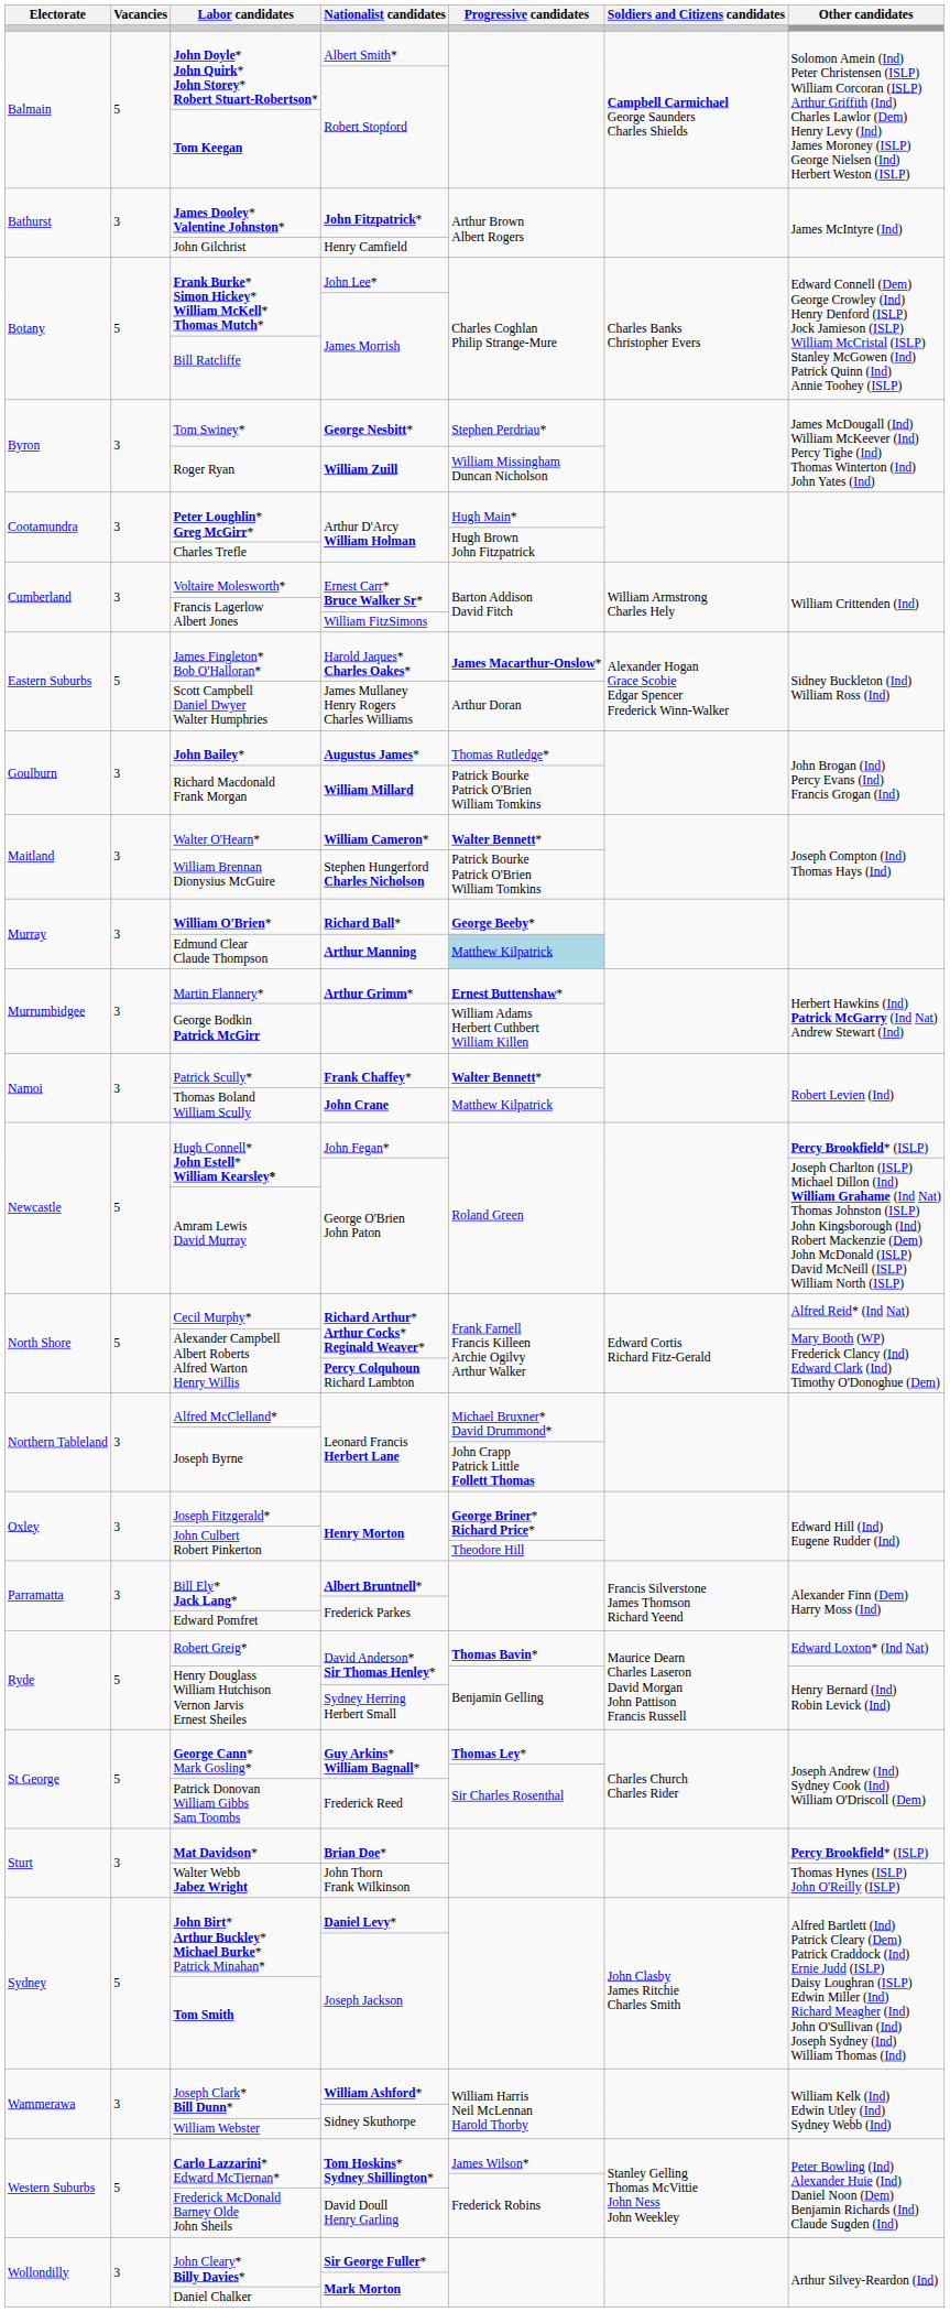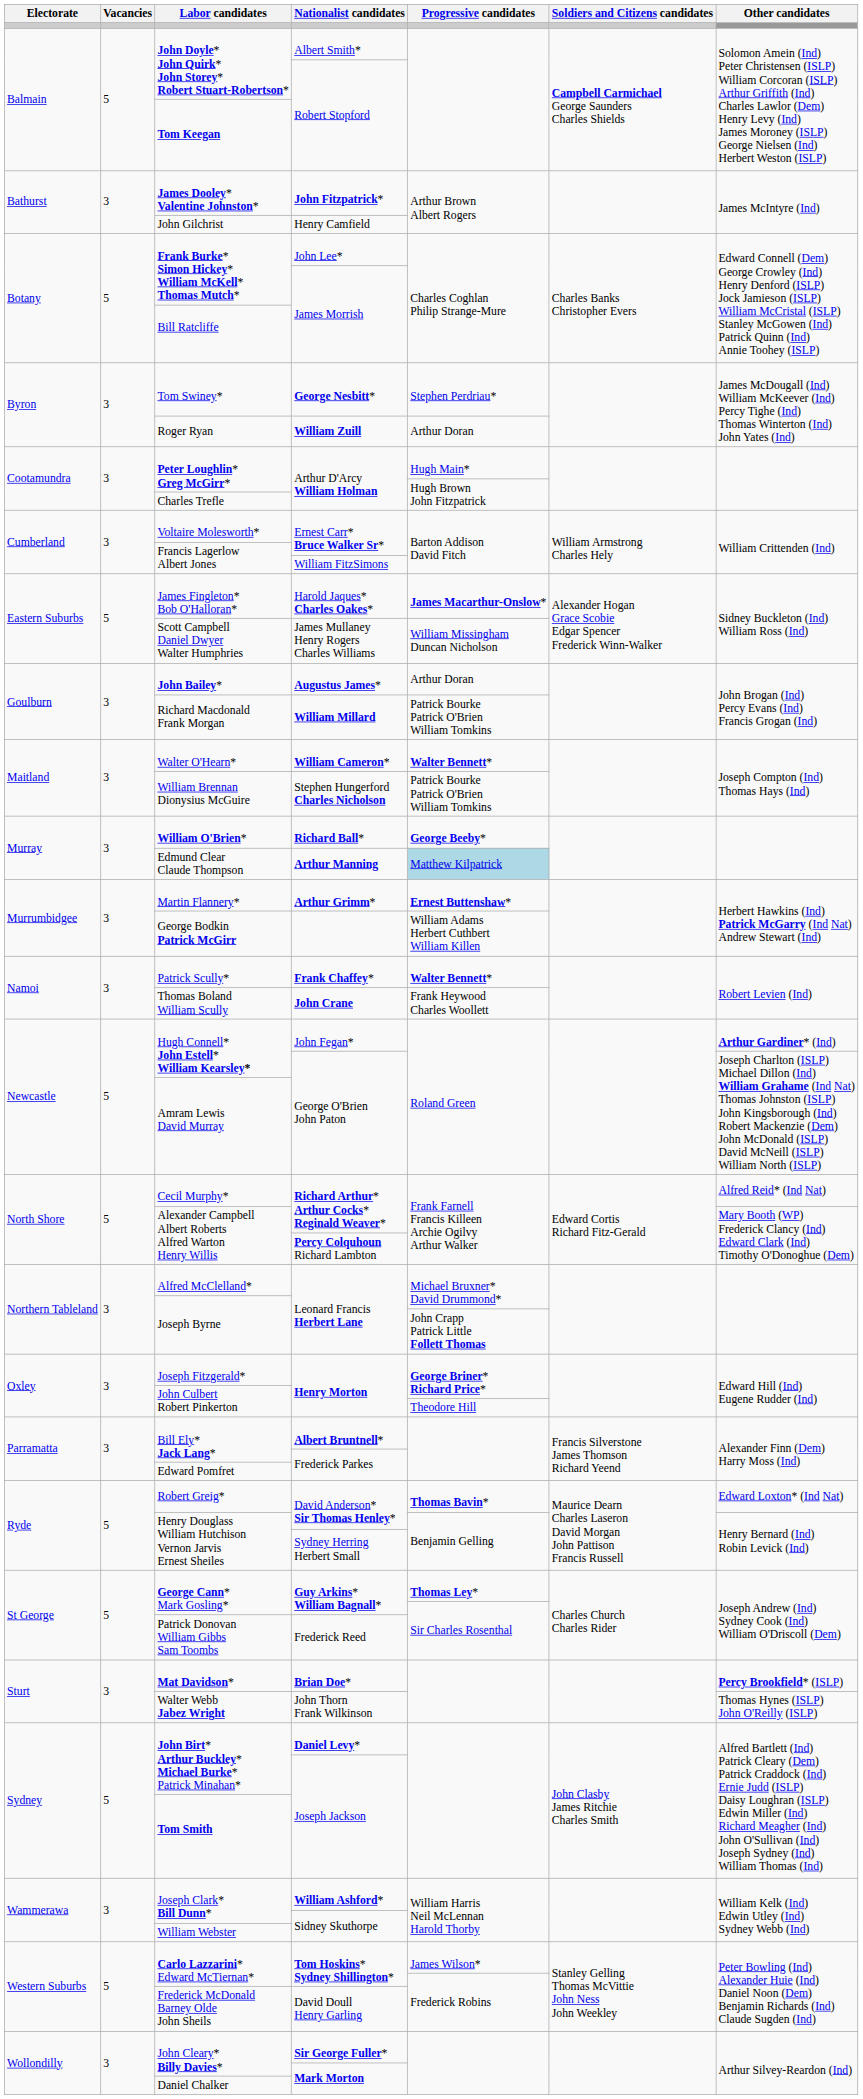 <table class="wikitable">
 <tr>
 <th>Electorate</th>
 <th>Vacancies</th>
 <th><a href='#'>Labor</a> candidates</th>
 <th><a href='#'>Nationalist</a> candidates</th>
 <th><a href='#'>Progressive</a> candidates</th>
 <th><a href='#'>Soldiers and Citizens</a> candidates</th>
 <th>Other candidates</th>
 </tr>
 <tr bgcolor="#cccccc">
 <td></td>
 <td></td>
 <td></td>
 <td></td>
 <td></td>
 <td></td>
 <td bgcolor="#999999"></td>
 </tr>
 <tr>
 <td rowspan="3"><a href='#'>Balmain</a></td>
 <td rowspan="3">5</td>
 <td rowspan="2" ><br><strong><a href='#'>John Doyle</a></strong>*<br><strong><a href='#'>John Quirk</a></strong>*<br><strong><a href='#'>John Storey</a></strong>*<br><strong><a href='#'>Robert Stuart-Robertson</a></strong>*</td>
 <td><br><a href='#'>Albert Smith</a>*</td>
 <td rowspan="3"></td>
 <td rowspan="3"><br><strong><a href='#'>Campbell Carmichael</a></strong><br>George Saunders<br>Charles Shields</td>
 <td rowspan="3"><br>Solomon Amein (<a href='#'>Ind</a>)<br>Peter Christensen (<a href='#'>ISLP</a>)<br>William Corcoran (<a href='#'>ISLP</a>)<br><a href='#'>Arthur Griffith</a> (<a href='#'>Ind</a>)<br>Charles Lawlor (<a href='#'>Dem</a>)<br>Henry Levy (<a href='#'>Ind</a>)<br>James Moroney (<a href='#'>ISLP</a>)<br>George Nielsen (<a href='#'>Ind</a>)<br>Herbert Weston (<a href='#'>ISLP</a>)</td>
 </tr>
 <tr>
 <td rowspan="2"><a href='#'>Robert Stopford</a></td>
 </tr>
 <tr>
 <td><br> <br><strong><a href='#'>Tom Keegan</a></strong><br> <br> </td>
 </tr>
 <tr>
 <td rowspan="2"><a href='#'>Bathurst</a></td>
 <td rowspan="2">3</td>
 <td><br><strong><a href='#'>James Dooley</a></strong>*<br><strong><a href='#'>Valentine Johnston</a></strong>*</td>
 <td><br><strong><a href='#'>John Fitzpatrick</a></strong>*</td>
 <td rowspan="2"><br>Arthur Brown<br>Albert Rogers</td>
 <td rowspan="2"></td>
 <td rowspan="2"><br>James McIntyre (<a href='#'>Ind</a>)</td>
 </tr>
 <tr>
 <td>John Gilchrist</td>
 <td>Henry Camfield</td>
 </tr>
 <tr>
 <td rowspan="3"><a href='#'>Botany</a></td>
 <td rowspan="3">5</td>
 <td rowspan="2" ><br><strong><a href='#'>Frank Burke</a></strong>*<br><strong><a href='#'>Simon Hickey</a></strong>*<br><strong><a href='#'>William McKell</a></strong>*<br><strong><a href='#'>Thomas Mutch</a></strong>*</td>
 <td><br><a href='#'>John Lee</a>*</td>
 <td rowspan="3"><br>Charles Coghlan<br>Philip Strange-Mure</td>
 <td rowspan="3"><br>Charles Banks<br>Christopher Evers</td>
 <td rowspan="3"><br>Edward Connell (<a href='#'>Dem</a>)<br>George Crowley (<a href='#'>Ind</a>)<br>Henry Denford (<a href='#'>ISLP</a>)<br>Jock Jamieson (<a href='#'>ISLP</a>)<br><a href='#'>William McCristal</a> (<a href='#'>ISLP</a>)<br>Stanley McGowen (<a href='#'>Ind</a>)<br>Patrick Quinn (<a href='#'>Ind</a>)<br>Annie Toohey (<a href='#'>ISLP</a>)</td>
 </tr>
 <tr>
 <td rowspan="2"><a href='#'>James Morrish</a></td>
 </tr>
 <tr>
 <td><br><a href='#'>Bill Ratcliffe</a><br> <br> </td>
 </tr>
 <tr>
 <td rowspan="2"><a href='#'>Byron</a></td>
 <td rowspan="2">3</td>
 <td><br><a href='#'>Tom Swiney</a>*</td>
 <td><br><strong><a href='#'>George Nesbitt</a></strong>*</td>
 <td><br><a href='#'>Stephen Perdriau</a>*</td>
 <td rowspan="2"></td>
 <td rowspan="2"><br>James McDougall (<a href='#'>Ind</a>)<br>William McKeever (<a href='#'>Ind</a>)<br>Percy Tighe (<a href='#'>Ind</a>)<br>Thomas Winterton (<a href='#'>Ind</a>)<br>John Yates (<a href='#'>Ind</a>)</td>
 </tr>
 <tr>
 <td>Roger Ryan</td>
 <td><strong><a href='#'>William Zuill</a></strong></td>
-<td><a href='#'>William Missingham</a><br>Duncan Nicholson</td>
+<td>Arthur Doran</td>
 </tr>
 <tr>
 <td rowspan="3"><a href='#'>Cootamundra</a></td>
 <td rowspan="3">3</td>
 <td rowspan="2" ><br><strong><a href='#'>Peter Loughlin</a></strong>*<br><strong><a href='#'>Greg McGirr</a></strong>*</td>
 <td rowspan="3"><br>Arthur D'Arcy<br><strong><a href='#'>William Holman</a></strong></td>
 <td><br><a href='#'>Hugh Main</a>*</td>
 <td rowspan="3"></td>
 <td rowspan="3"></td>
 </tr>
 <tr>
 <td rowspan="2">Hugh Brown<br>John Fitzpatrick</td>
 </tr>
 <tr>
 <td>Charles Trefle</td>
 </tr>
 <tr>
 <td rowspan="3"><a href='#'>Cumberland</a></td>
 <td rowspan="3">3</td>
 <td><br><a href='#'>Voltaire Molesworth</a>*</td>
 <td rowspan="2" ><br><a href='#'>Ernest Carr</a>*<br><strong><a href='#'>Bruce Walker Sr</a></strong>*</td>
 <td rowspan="3"><br>Barton Addison<br>David Fitch</td>
 <td rowspan="3"><br>William Armstrong<br>Charles Hely</td>
 <td rowspan="3"><br>William Crittenden (<a href='#'>Ind</a>)</td>
 </tr>
 <tr>
 <td rowspan="2">Francis Lagerlow<br>Albert Jones</td>
 </tr>
 <tr>
 <td><a href='#'>William FitzSimons</a></td>
 </tr>
 <tr>
 <td rowspan="2"><a href='#'>Eastern Suburbs</a></td>
 <td rowspan="2">5</td>
 <td><br><a href='#'>James Fingleton</a>*<br><a href='#'>Bob O'Halloran</a>*</td>
 <td><br><a href='#'>Harold Jaques</a>*<br><strong><a href='#'>Charles Oakes</a></strong>*</td>
 <td><br><strong><a href='#'>James Macarthur-Onslow</a></strong>*</td>
 <td rowspan="2"><br>Alexander Hogan<br><a href='#'>Grace Scobie</a><br>Edgar Spencer<br>Frederick Winn-Walker</td>
 <td rowspan="2"><br>Sidney Buckleton (<a href='#'>Ind</a>)<br>William Ross (<a href='#'>Ind</a>)</td>
 </tr>
 <tr>
 <td>Scott Campbell<br><a href='#'>Daniel Dwyer</a><br>Walter Humphries</td>
 <td>James Mullaney<br>Henry Rogers<br>Charles Williams</td>
-<td>Arthur Doran</td>
+<td><a href='#'>William Missingham</a><br>Duncan Nicholson</td>
 </tr>
 <tr>
 <td rowspan="2"><a href='#'>Goulburn</a></td>
 <td rowspan="2">3</td>
 <td><br><strong><a href='#'>John Bailey</a></strong>*</td>
 <td><br><strong><a href='#'>Augustus James</a></strong>*</td>
-<td><br><a href='#'>Thomas Rutledge</a>*</td>
+<td>Arthur Doran</td>
 <td rowspan="2"></td>
 <td rowspan="2"><br>John Brogan (<a href='#'>Ind</a>)<br>Percy Evans (<a href='#'>Ind</a>)<br>Francis Grogan (<a href='#'>Ind</a>)</td>
 </tr>
 <tr>
 <td>Richard Macdonald<br>Frank Morgan</td>
 <td><strong><a href='#'>William Millard</a></strong></td>
 <td>Patrick Bourke<br>Patrick O'Brien<br>William Tomkins</td>
 </tr>
 <tr>
 <td rowspan="2"><a href='#'>Maitland</a></td>
 <td rowspan="2">3</td>
 <td><br><a href='#'>Walter O'Hearn</a>*</td>
 <td><br><strong><a href='#'>William Cameron</a></strong>*</td>
 <td><br><strong><a href='#'>Walter Bennett</a></strong>*</td>
 <td rowspan="2"></td>
 <td rowspan="2"><br>Joseph Compton (<a href='#'>Ind</a>)<br>Thomas Hays (<a href='#'>Ind</a>)</td>
 </tr>
 <tr>
 <td><a href='#'>William Brennan</a><br>Dionysius McGuire</td>
 <td>Stephen Hungerford<br><strong><a href='#'>Charles Nicholson</a></strong></td>
 <td>Patrick Bourke<br>Patrick O'Brien<br>William Tomkins</td>
 </tr>
 <tr>
 <td rowspan="2"><a href='#'>Murray</a></td>
 <td rowspan="2">3</td>
 <td><br><strong><a href='#'>William O'Brien</a></strong>*</td>
 <td><br><strong><a href='#'>Richard Ball</a></strong>*</td>
 <td><br><strong><a href='#'>George Beeby</a></strong>*</td>
 <td rowspan="2"></td>
 <td rowspan="2"></td>
 </tr>
 <tr>
 <td>Edmund Clear<br>Claude Thompson</td>
 <td><strong><a href='#'>Arthur Manning</a></strong></td>
 <td style="background: lightblue;"><a href='#'>Matthew Kilpatrick</a></td>
 </tr>
 <tr>
 <td rowspan="2"><a href='#'>Murrumbidgee</a></td>
 <td rowspan="2">3</td>
 <td><br><a href='#'>Martin Flannery</a>*</td>
 <td><br><strong><a href='#'>Arthur Grimm</a></strong>*</td>
 <td><br><strong><a href='#'>Ernest Buttenshaw</a></strong>*</td>
 <td rowspan="2"></td>
 <td rowspan="2"><br>Herbert Hawkins (<a href='#'>Ind</a>)<br><strong><a href='#'>Patrick McGarry</a></strong> (<a href='#'>Ind</a> <a href='#'>Nat</a>)<br>Andrew Stewart (<a href='#'>Ind</a>)</td>
 </tr>
 <tr>
 <td>George Bodkin<br><strong><a href='#'>Patrick McGirr</a></strong></td>
 <td></td>
 <td>William Adams<br>Herbert Cuthbert<br><a href='#'>William Killen</a></td>
 </tr>
 <tr>
 <td rowspan="2"><a href='#'>Namoi</a></td>
 <td rowspan="2">3</td>
 <td><br><a href='#'>Patrick Scully</a>*</td>
 <td><br><strong><a href='#'>Frank Chaffey</a></strong>*</td>
 <td><br><strong><a href='#'>Walter Bennett</a></strong>*</td>
 <td rowspan="2"></td>
 <td rowspan="2"><br><a href='#'>Robert Levien</a> (<a href='#'>Ind</a>)</td>
 </tr>
 <tr>
 <td>Thomas Boland<br><a href='#'>William Scully</a></td>
 <td><strong><a href='#'>John Crane</a></strong></td>
-<td><a href='#'>Matthew Kilpatrick</a></td>
+<td>Frank Heywood<br>Charles Woollett</td>
 </tr>
 <tr>
 <td rowspan="3"><a href='#'>Newcastle</a></td>
 <td rowspan="3">5</td>
 <td rowspan="2" ><br><a href='#'>Hugh Connell</a>*<br><strong><a href='#'>John Estell</a></strong>*<br><strong><a href='#'>William Kearsley</a>*</strong></td>
 <td><br><a href='#'>John Fegan</a>*</td>
 <td rowspan="3"><br><a href='#'>Roland Green</a></td>
 <td rowspan="3"></td>
-<td><br><strong><a href='#'>Percy Brookfield</a></strong>* (<a href='#'>ISLP</a>)</td>
+<td><br><strong><a href='#'>Arthur Gardiner</a></strong>* (<a href='#'>Ind</a>)</td>
 </tr>
 <tr>
 <td rowspan="2">George O'Brien<br>John Paton</td>
 <td rowspan="2">Joseph Charlton (<a href='#'>ISLP</a>)<br>Michael Dillon (<a href='#'>Ind</a>)<br><strong><a href='#'>William Grahame</a></strong> (<a href='#'>Ind</a> <a href='#'>Nat</a>)<br>Thomas Johnston (<a href='#'>ISLP</a>)<br>John Kingsborough (<a href='#'>Ind</a>)<br>Robert Mackenzie (<a href='#'>Dem</a>)<br>John McDonald (<a href='#'>ISLP</a>)<br>David McNeill (<a href='#'>ISLP</a>)<br>William North (<a href='#'>ISLP</a>)</td>
 </tr>
 <tr>
 <td><br> <br>Amram Lewis<br><a href='#'>David Murray</a><br> <br> <br> </td>
 </tr>
 <tr>
 <td rowspan="3"><a href='#'>North Shore</a></td>
 <td rowspan="3">5</td>
 <td><br><a href='#'>Cecil Murphy</a>*</td>
 <td rowspan="2" ><br><strong><a href='#'>Richard Arthur</a></strong>*<br><strong><a href='#'>Arthur Cocks</a></strong>*<br><strong><a href='#'>Reginald Weaver</a></strong>*</td>
 <td rowspan="3"><br><a href='#'>Frank Farnell</a><br>Francis Killeen<br>Archie Ogilvy<br>Arthur Walker</td>
 <td rowspan="3"><br>Edward Cortis<br> Richard Fitz-Gerald</td>
 <td><a href='#'>Alfred Reid</a>* (<a href='#'>Ind</a> <a href='#'>Nat</a>)</td>
 </tr>
 <tr>
 <td rowspan="2">Alexander Campbell<br>Albert Roberts<br>Alfred Warton<br><a href='#'>Henry Willis</a></td>
 <td rowspan="2"><a href='#'>Mary Booth</a> (<a href='#'>WP</a>)<br>Frederick Clancy (<a href='#'>Ind</a>)<br><a href='#'>Edward Clark</a> (<a href='#'>Ind</a>)<br>Timothy O'Donoghue (<a href='#'>Dem</a>)</td>
 </tr>
 <tr>
 <td><strong><a href='#'>Percy Colquhoun</a></strong><br>Richard Lambton</td>
 </tr>
 <tr>
 <td rowspan="3"><a href='#'>Northern Tableland</a></td>
 <td rowspan="3">3</td>
 <td><br><a href='#'>Alfred McClelland</a>*</td>
 <td rowspan="3"><br>Leonard Francis<br><strong><a href='#'>Herbert Lane</a></strong></td>
 <td rowspan="2" ><br><a href='#'>Michael Bruxner</a>*<br><a href='#'>David Drummond</a>*</td>
 <td rowspan="3"></td>
 <td rowspan="3"></td>
 </tr>
 <tr>
 <td rowspan="2">Joseph Byrne</td>
 </tr>
 <tr>
 <td>John Crapp<br>Patrick Little<br><strong><a href='#'>Follett Thomas</a></strong></td>
 </tr>
 <tr>
 <td rowspan="3"><a href='#'>Oxley</a></td>
 <td rowspan="3">3</td>
 <td><br><a href='#'>Joseph Fitzgerald</a>*</td>
 <td rowspan="3"><br><strong><a href='#'>Henry Morton</a></strong></td>
 <td rowspan="2" ><br><strong><a href='#'>George Briner</a></strong>*<br><strong><a href='#'>Richard Price</a></strong>*</td>
 <td rowspan="3"></td>
 <td rowspan="3"><br>Edward Hill (<a href='#'>Ind</a>)<br>Eugene Rudder (<a href='#'>Ind</a>)</td>
 </tr>
 <tr>
 <td rowspan="2"><a href='#'>John Culbert</a><br>Robert Pinkerton</td>
 </tr>
 <tr>
 <td><a href='#'>Theodore Hill</a></td>
 </tr>
 <tr>
 <td rowspan="3"><a href='#'>Parramatta</a></td>
 <td rowspan="3">3</td>
 <td rowspan="2" ><br><a href='#'>Bill Ely</a>*<br><strong><a href='#'>Jack Lang</a></strong>*</td>
 <td><br><strong><a href='#'>Albert Bruntnell</a></strong>*</td>
 <td rowspan="3"></td>
 <td rowspan="3"><br>Francis Silverstone<br>James Thomson<br>Richard Yeend</td>
 <td rowspan="3"><br>Alexander Finn (<a href='#'>Dem</a>)<br>Harry Moss (<a href='#'>Ind</a>)</td>
 </tr>
 <tr>
 <td rowspan="2">Frederick Parkes</td>
 </tr>
 <tr>
 <td>Edward Pomfret</td>
 </tr>
 <tr>
 <td rowspan="3"><a href='#'>Ryde</a></td>
 <td rowspan="3">5</td>
 <td><a href='#'>Robert Greig</a>*</td>
 <td rowspan="2" ><br><a href='#'>David Anderson</a>*<br><strong><a href='#'>Sir Thomas Henley</a></strong>*</td>
 <td><br><strong><a href='#'>Thomas Bavin</a></strong>*</td>
 <td rowspan="3"><br>Maurice Dearn<br>Charles Laseron<br>David Morgan<br>John Pattison<br>Francis Russell<br></td>
 <td><a href='#'>Edward Loxton</a>* (<a href='#'>Ind</a> <a href='#'>Nat</a>)</td>
 </tr>
 <tr>
 <td rowspan="2">Henry Douglass<br>William Hutchison<br>Vernon Jarvis<br>Ernest Sheiles</td>
 <td rowspan="2">Benjamin Gelling</td>
 <td rowspan="2">Henry Bernard (<a href='#'>Ind</a>)<br>Robin Levick (<a href='#'>Ind</a>)</td>
 </tr>
 <tr>
 <td><a href='#'>Sydney Herring</a><br>Herbert Small</td>
 </tr>
 <tr>
 <td rowspan="3"><a href='#'>St George</a></td>
 <td rowspan="3">5</td>
 <td rowspan="2" ><br><strong><a href='#'>George Cann</a></strong>*<br><a href='#'>Mark Gosling</a>*</td>
 <td rowspan="2" ><br><strong><a href='#'>Guy Arkins</a></strong>*<br><strong><a href='#'>William Bagnall</a></strong>*</td>
 <td><br><strong><a href='#'>Thomas Ley</a></strong>*</td>
 <td rowspan="3"><br>Charles Church<br>Charles Rider</td>
 <td rowspan="3"><br>Joseph Andrew (<a href='#'>Ind</a>)<br>Sydney Cook (<a href='#'>Ind</a>)<br>William O'Driscoll (<a href='#'>Dem</a>)</td>
 </tr>
 <tr>
 <td rowspan="2"><a href='#'>Sir Charles Rosenthal</a></td>
 </tr>
 <tr>
 <td>Patrick Donovan<br><a href='#'>William Gibbs</a><br><a href='#'>Sam Toombs</a></td>
 <td>Frederick Reed</td>
 </tr>
 <tr>
 <td rowspan="2"><a href='#'>Sturt</a></td>
 <td rowspan="2">3</td>
 <td><br><strong><a href='#'>Mat Davidson</a></strong>*</td>
 <td><br><strong><a href='#'>Brian Doe</a></strong>*</td>
 <td rowspan="2"></td>
 <td rowspan="2"></td>
 <td><br><strong><a href='#'>Percy Brookfield</a></strong>* (<a href='#'>ISLP</a>)</td>
 </tr>
 <tr>
 <td>Walter Webb<br><strong><a href='#'>Jabez Wright</a></strong></td>
 <td>John Thorn<br>Frank Wilkinson</td>
 <td>Thomas Hynes (<a href='#'>ISLP</a>)<br><a href='#'>John O'Reilly</a> (<a href='#'>ISLP</a>)</td>
 </tr>
 <tr>
 <td rowspan="3"><a href='#'>Sydney</a></td>
 <td rowspan="3">5</td>
 <td rowspan="2" ><br><strong><a href='#'>John Birt</a></strong>*<br><strong><a href='#'>Arthur Buckley</a></strong>*<br><strong><a href='#'>Michael Burke</a></strong>*<br><a href='#'>Patrick Minahan</a>*</td>
 <td><br><strong><a href='#'>Daniel Levy</a></strong>*</td>
 <td rowspan="3"></td>
 <td rowspan="3"><br><a href='#'>John Clasby</a><br>James Ritchie<br>Charles Smith</td>
 <td rowspan="3"><br>Alfred Bartlett (<a href='#'>Ind</a>)<br>Patrick Cleary (<a href='#'>Dem</a>)<br>Patrick Craddock (<a href='#'>Ind</a>)<br><a href='#'>Ernie Judd</a> (<a href='#'>ISLP</a>)<br>Daisy Loughran (<a href='#'>ISLP</a>)<br>Edwin Miller (<a href='#'>Ind</a>)<br><a href='#'>Richard Meagher</a> (<a href='#'>Ind</a>)<br>John O'Sullivan (<a href='#'>Ind</a>)<br>Joseph Sydney (<a href='#'>Ind</a>)<br>William Thomas (<a href='#'>Ind</a>)</td>
 </tr>
 <tr>
 <td rowspan="2"><a href='#'>Joseph Jackson</a></td>
 </tr>
 <tr>
 <td><br> <br><strong><a href='#'>Tom Smith</a></strong><br> <br> <br> </td>
 </tr>
 <tr>
 <td rowspan="3"><a href='#'>Wammerawa</a></td>
 <td rowspan="3">3</td>
 <td rowspan="2" ><br><a href='#'>Joseph Clark</a>*<br><strong><a href='#'>Bill Dunn</a></strong>*</td>
 <td><br><strong><a href='#'>William Ashford</a></strong>*</td>
 <td rowspan="3"><br>William Harris<br>Neil McLennan<br><a href='#'>Harold Thorby</a></td>
 <td rowspan="3"></td>
 <td rowspan="3"><br>William Kelk (<a href='#'>Ind</a>)<br>Edwin Utley (<a href='#'>Ind</a>)<br>Sydney Webb (<a href='#'>Ind</a>)</td>
 </tr>
 <tr>
 <td rowspan="2">Sidney Skuthorpe</td>
 </tr>
 <tr>
 <td><a href='#'>William Webster</a></td>
 </tr>
 <tr>
 <td rowspan="3"><a href='#'>Western Suburbs</a></td>
 <td rowspan="3">5</td>
 <td rowspan="2" ><br><strong><a href='#'>Carlo Lazzarini</a></strong>*<br><a href='#'>Edward McTiernan</a>*</td>
 <td rowspan="2" ><br><strong><a href='#'>Tom Hoskins</a></strong>*<br><strong><a href='#'>Sydney Shillington</a></strong>*</td>
 <td><br><a href='#'>James Wilson</a>*</td>
 <td rowspan="3"><br>Stanley Gelling<br>Thomas McVittie<br><a href='#'>John Ness</a><br>John Weekley</td>
 <td rowspan="3"><br><a href='#'>Peter Bowling</a> (<a href='#'>Ind</a>)<br><a href='#'>Alexander Huie</a> (<a href='#'>Ind</a>)<br>Daniel Noon (<a href='#'>Dem</a>)<br>Benjamin Richards (<a href='#'>Ind</a>)<br>Claude Sugden (<a href='#'>Ind</a>)</td>
 </tr>
 <tr>
 <td rowspan="2">Frederick Robins</td>
 </tr>
 <tr>
 <td><a href='#'>Frederick McDonald</a><br><a href='#'>Barney Olde</a><br>John Sheils</td>
 <td>David Doull<br><a href='#'>Henry Garling</a></td>
 </tr>
 <tr>
 <td rowspan="3"><a href='#'>Wollondilly</a></td>
 <td rowspan="3">3</td>
 <td rowspan="2" ><br><a href='#'>John Cleary</a>*<br><strong><a href='#'>Billy Davies</a></strong>*</td>
 <td><br><strong><a href='#'>Sir George Fuller</a></strong>*</td>
 <td rowspan="3"></td>
 <td rowspan="3"></td>
 <td rowspan="3"><br>Arthur Silvey-Reardon (<a href='#'>Ind</a>)</td>
 </tr>
 <tr>
 <td rowspan="2"><strong><a href='#'>Mark Morton</a></strong></td>
 </tr>
 <tr>
 <td>Daniel Chalker</td>
 </tr>
 </table>
